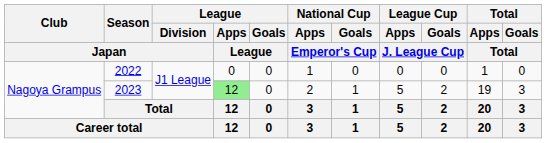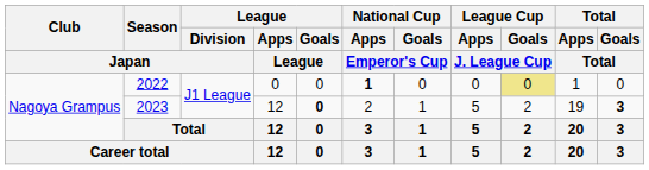 <table class="wikitable" style="text-align:center">
 <tr>
 <th rowspan=2>Club</th>
 <th rowspan=2>Season</th>
 <th colspan=3>League</th>
 <th colspan=2>National Cup</th>
 <th colspan=2>League Cup</th>
 <th colspan=2>Total</th>
 </tr>
 <tr>
 <th>Division</th>
 <th>Apps</th>
 <th>Goals</th>
 <th>Apps</th>
 <th>Goals</th>
 <th>Apps</th>
 <th>Goals</th>
 <th>Apps</th>
 <th>Goals</th>
 </tr>
 <tr>
 <th colspan=3>Japan</th>
 <th colspan=2>League</th>
 <th colspan=2><a href='#'>Emperor's Cup</a></th>
 <th colspan=2><a href='#'>J. League Cup</a></th>
 <th colspan=2>Total</th>
 </tr>
 <tr>
 <td rowspan="3"><a href='#'>Nagoya Grampus</a></td>
 <td><a href='#'>2022</a></td>
 <td rowspan="2"><a href='#'>J1 League</a></td>
 <td>0</td>
 <td>0</td>
-<td>1</td>
+<td><strong>1</strong></td>
 <td>0</td>
 <td>0</td>
-<td>0</td>
+<td style="background: khaki;">0</td>
 <td>1</td>
 <td>0</td>
 </tr>
 <tr>
 <td><a href='#'>2023</a></td>
-<td style="background: lightgreen;">12</td>
-<td>0</td>
+<td>12</td>
+<td><strong>0</strong></td>
 <td>2</td>
 <td>1</td>
 <td>5</td>
 <td>2</td>
 <td>19</td>
-<td>3</td>
+<td><strong>3</strong></td>
 </tr>
 <tr>
 <th colspan="2">Total</th>
 <th>12</th>
 <th>0</th>
 <th>3</th>
 <th>1</th>
 <th>5</th>
 <th>2</th>
 <th>20</th>
 <th>3</th>
 </tr>
 <tr>
 <th colspan=3>Career total</th>
 <th>12</th>
 <th>0</th>
 <th>3</th>
 <th>1</th>
 <th>5</th>
 <th>2</th>
 <th>20</th>
 <th>3</th>
 </tr>
 </table>
